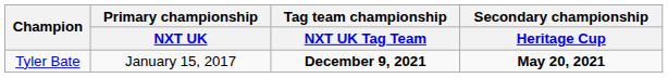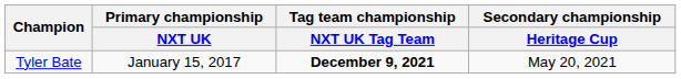 <table class="wikitable" style="font-size:85%; text-align:center; width:100%;">
 <tr>
 <th rowspan=2>Champion</th>
 <th>Primary championship</th>
 <th>Tag team championship</th>
 <th>Secondary championship</th>
 </tr>
 <tr>
 <th><a href='#'>NXT UK</a></th>
 <th><a href='#'>NXT UK Tag Team</a></th>
 <th><a href='#'>Heritage Cup</a></th>
 </tr>
 <tr>
 <td><a href='#'>Tyler Bate</a></td>
 <td>January 15, 2017</td>
 <td><strong>December 9, 2021</strong><br></td>
-<td><strong>May 20, 2021</strong></td>
+<td>May 20, 2021</td>
 </tr>
 </table>
